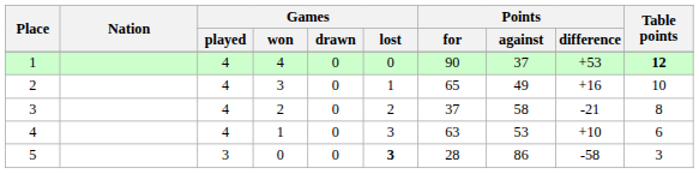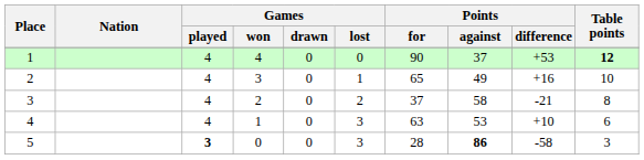 <table class="wikitable">
 <tr>
 <th rowspan=2 width="8%">Place</th>
 <th rowspan=2 width="20%">Nation</th>
 <th colspan=4 width="32%">Games</th>
 <th colspan=3 width="30%">Points</th>
 <th rowspan=2 width="10%">Table<br>points</th>
 </tr>
 <tr>
 <th width="8%">played</th>
 <th width="8%">won</th>
 <th width="8%">drawn</th>
 <th width="8%">lost</th>
 <th width="10%">for</th>
 <th width="10%">against</th>
 <th width="10%">difference</th>
 </tr>
 <tr>
 </tr>
 <tr bgcolor=#ccffcc align=center>
 <td>1</td>
 <td align=left><strong></strong></td>
 <td>4</td>
 <td>4</td>
 <td>0</td>
 <td>0</td>
 <td>90</td>
 <td>37</td>
 <td>+53</td>
 <td><strong>12</strong></td>
 </tr>
 <tr bgcolor=#ffffff align=center>
 <td>2</td>
 <td align=left></td>
 <td>4</td>
 <td>3</td>
 <td>0</td>
 <td>1</td>
 <td>65</td>
 <td>49</td>
 <td>+16</td>
 <td>10</td>
 </tr>
 <tr bgcolor=#ffffff align=center>
 <td>3</td>
 <td align=left></td>
 <td>4</td>
 <td>2</td>
 <td>0</td>
 <td>2</td>
 <td>37</td>
 <td>58</td>
 <td>-21</td>
 <td>8</td>
 </tr>
 <tr bgcolor=#ffffff align=center>
 <td>4</td>
 <td align=left></td>
 <td>4</td>
 <td>1</td>
 <td>0</td>
 <td>3</td>
 <td>63</td>
 <td>53</td>
 <td>+10</td>
 <td>6</td>
 </tr>
 <tr bgcolor=#ffffff align=center>
 <td>5</td>
 <td align=left></td>
-<td>3</td>
+<td><strong>3</strong></td>
 <td>0</td>
 <td>0</td>
-<td><strong>3</strong></td>
+<td>3</td>
 <td>28</td>
-<td>86</td>
+<td><strong>86</strong></td>
 <td>-58</td>
 <td>3</td>
 </tr>
 </table>
